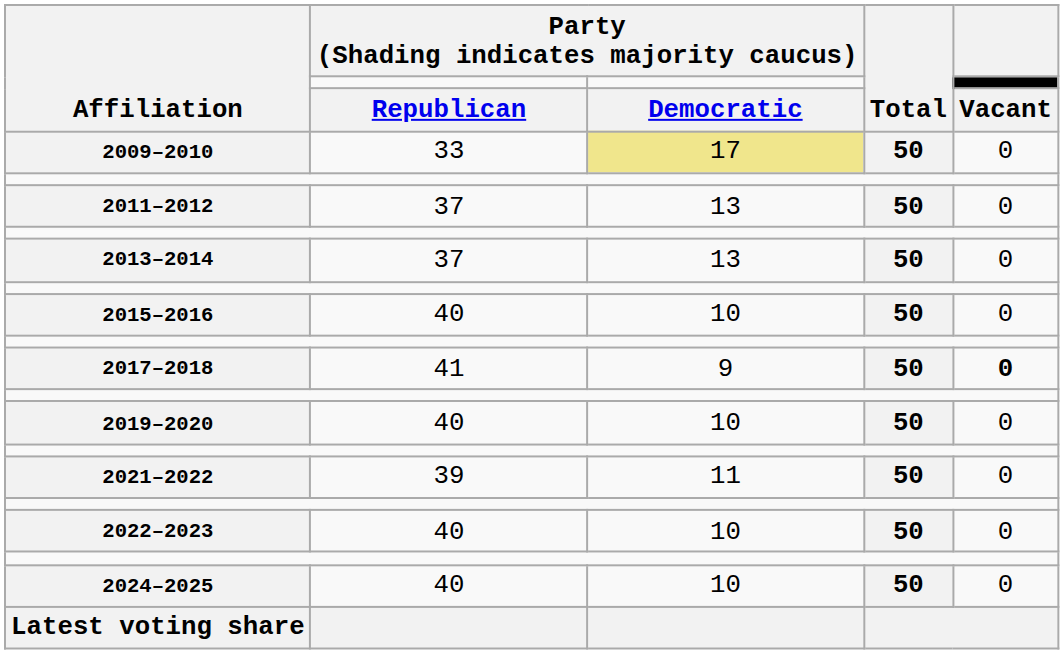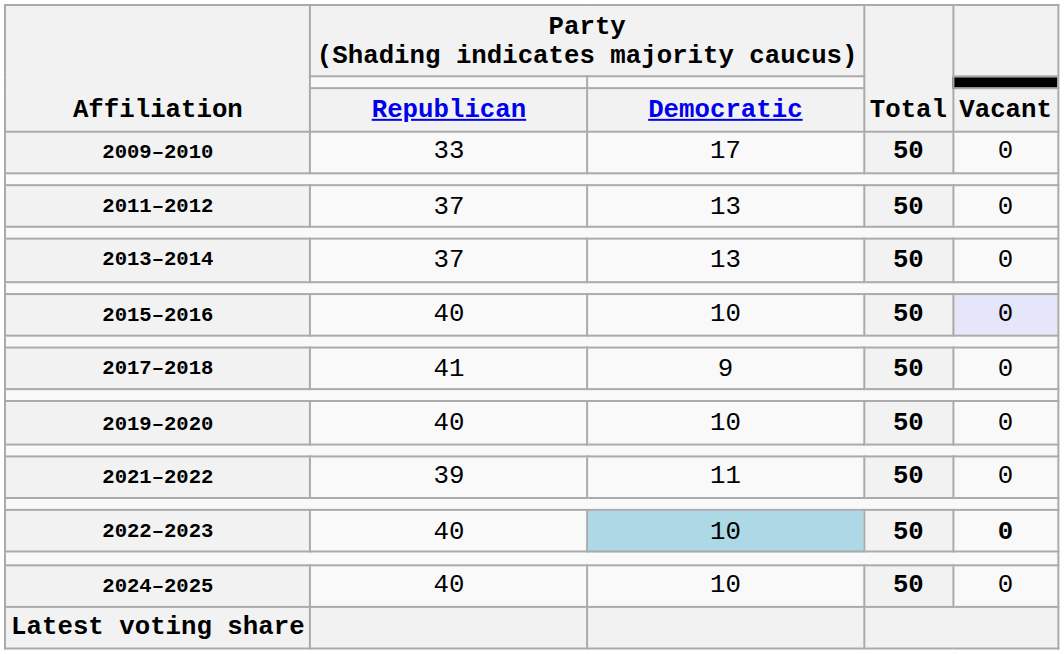 <table class=wikitable style="text-align:center">
 <tr style="vertical-align:bottom;">
 <th rowspan=3>Affiliation</th>
 <th colspan=2>Party <div>(Shading indicates majority caucus)</div></th>
 <th rowspan=3>Total</th>
 <th></th>
 </tr>
 <tr style="height:5px">
 <td style="background-color:"></td>
 <td style="background-color:"></td>
 <td style="background: black"></td>
 </tr>
 <tr>
 <th><a href='#'>Republican</a></th>
 <th><a href='#'>Democratic</a></th>
 <th>Vacant</th>
 </tr>
 <tr>
 <th nowrap style="font-size:80%">2009–2010</th>
 <td>33</td>
-<td style="background: khaki;">17</td>
+<td>17</td>
 <th>50</th>
 <td>0</td>
 </tr>
 <tr>
 <td colspan=5></td>
 </tr>
 <tr>
 <th nowrap style="font-size:80%">2011–2012</th>
 <td>37</td>
 <td>13</td>
 <th>50</th>
 <td>0</td>
 </tr>
 <tr>
 <td colspan=5></td>
 </tr>
 <tr>
 <th nowrap style="font-size:80%">2013–2014</th>
 <td>37</td>
 <td>13</td>
 <th>50</th>
 <td>0</td>
 </tr>
 <tr>
 <td colspan=5></td>
 </tr>
 <tr>
 <th nowrap style="font-size:80%">2015–2016</th>
 <td>40</td>
 <td>10</td>
 <th>50</th>
-<td>0</td>
+<td style="background: lavender;">0</td>
 </tr>
 <tr>
 <td colspan=5></td>
 </tr>
 <tr>
 <th nowrap style="font-size:80%">2017–2018</th>
 <td>41</td>
 <td>9</td>
 <th>50</th>
-<td><strong>0</strong></td>
+<td>0</td>
 </tr>
 <tr>
 <td colspan=5></td>
 </tr>
 <tr>
 <th nowrap style="font-size:80%">2019–2020</th>
 <td>40</td>
 <td>10</td>
 <th>50</th>
 <td>0</td>
 </tr>
 <tr>
 <td colspan=5></td>
 </tr>
 <tr>
 <th nowrap style="font-size:80%">2021–2022</th>
 <td>39</td>
 <td>11</td>
 <th>50</th>
 <td>0</td>
 </tr>
 <tr>
 <td colspan=5></td>
 </tr>
 <tr>
 <th nowrap style="font-size:80%">2022–2023</th>
 <td>40</td>
-<td>10</td>
+<td style="background: lightblue;">10</td>
 <th>50</th>
-<td>0</td>
+<td><strong>0</strong></td>
 </tr>
 <tr>
 <td colspan=5></td>
 </tr>
 <tr>
 <th nowrap style="font-size:80%">2024–2025</th>
 <td>40</td>
 <td>10</td>
 <th>50</th>
 <td>0</td>
 </tr>
 <tr>
 <th>Latest voting share</th>
 <th></th>
 <th></th>
 <th colspan=2></th>
 </tr>
 </table>
